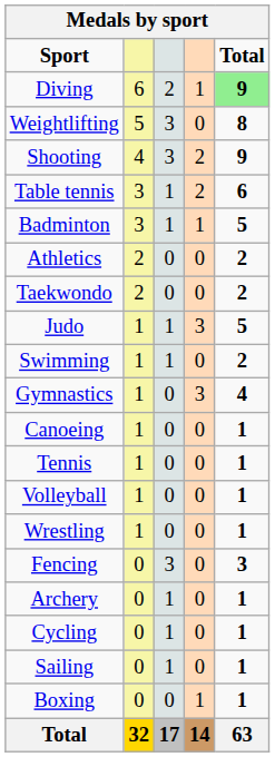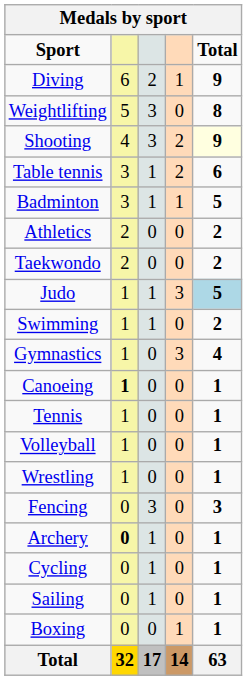 <table class="wikitable" style="font-size:85%; float: right;">
 <tr style="background:#efefef;">
 <th colspan=5>Medals by sport</th>
 </tr>
 <tr align=center>
 <td><strong>Sport</strong></td>
 <td style="background:#f7f6a8;"></td>
 <td style="background:#dce5e5;"></td>
 <td style="background:#ffdab9;"></td>
 <td><strong>Total</strong></td>
 </tr>
 <tr align=center>
 <td><a href='#'>Diving</a></td>
 <td style="background:#F7F6A8;">6</td>
 <td style="background:#DCE5E5;">2</td>
 <td style="background:#FFDAB9;">1</td>
-<td style="background: lightgreen;"><strong>9</strong></td>
+<td><strong>9</strong></td>
 </tr>
 <tr align=center>
 <td><a href='#'>Weightlifting</a></td>
 <td style="background:#F7F6A8;">5</td>
 <td style="background:#DCE5E5;">3</td>
 <td style="background:#FFDAB9;">0</td>
 <td><strong>8</strong></td>
 </tr>
 <tr align=center>
 <td><a href='#'>Shooting</a></td>
 <td style="background:#F7F6A8;">4</td>
 <td style="background:#DCE5E5;">3</td>
 <td style="background:#FFDAB9;">2</td>
-<td><strong>9</strong></td>
+<td style="background: lightyellow;"><strong>9</strong></td>
 </tr>
 <tr align=center>
 <td><a href='#'>Table tennis</a></td>
 <td style="background:#F7F6A8;">3</td>
 <td style="background:#DCE5E5;">1</td>
 <td style="background:#FFDAB9;">2</td>
 <td><strong>6</strong></td>
 </tr>
 <tr align=center>
 <td><a href='#'>Badminton</a></td>
 <td style="background:#F7F6A8;">3</td>
 <td style="background:#DCE5E5;">1</td>
 <td style="background:#FFDAB9;">1</td>
 <td><strong>5</strong></td>
 </tr>
 <tr align=center>
 <td><a href='#'>Athletics</a></td>
 <td style="background:#F7F6A8;">2</td>
 <td style="background:#DCE5E5;">0</td>
 <td style="background:#FFDAB9;">0</td>
 <td><strong>2</strong></td>
 </tr>
 <tr align=center>
 <td><a href='#'>Taekwondo</a></td>
 <td style="background:#F7F6A8;">2</td>
 <td style="background:#DCE5E5;">0</td>
 <td style="background:#FFDAB9;">0</td>
 <td><strong>2</strong></td>
 </tr>
 <tr align=center>
 <td><a href='#'>Judo</a></td>
 <td style="background:#F7F6A8;">1</td>
 <td style="background:#DCE5E5;">1</td>
 <td style="background:#FFDAB9;">3</td>
-<td><strong>5</strong></td>
+<td style="background: lightblue;"><strong>5</strong></td>
 </tr>
 <tr align=center>
 <td><a href='#'>Swimming</a></td>
 <td style="background:#F7F6A8;">1</td>
 <td style="background:#DCE5E5;">1</td>
 <td style="background:#FFDAB9;">0</td>
 <td><strong>2</strong></td>
 </tr>
 <tr align=center>
 <td><a href='#'>Gymnastics</a></td>
 <td style="background:#F7F6A8;">1</td>
 <td style="background:#DCE5E5;">0</td>
 <td style="background:#FFDAB9;">3</td>
 <td><strong>4</strong></td>
 </tr>
 <tr align=center>
 <td><a href='#'>Canoeing</a></td>
-<td style="background:#F7F6A8;">1</td>
+<td style="background:#F7F6A8;"><strong>1</strong></td>
 <td style="background:#DCE5E5;">0</td>
 <td style="background:#FFDAB9;">0</td>
 <td><strong>1</strong></td>
 </tr>
 <tr align=center>
 <td><a href='#'>Tennis</a></td>
 <td style="background:#F7F6A8;">1</td>
 <td style="background:#DCE5E5;">0</td>
 <td style="background:#FFDAB9;">0</td>
 <td><strong>1</strong></td>
 </tr>
 <tr align=center>
 <td><a href='#'>Volleyball</a></td>
 <td style="background:#F7F6A8;">1</td>
 <td style="background:#DCE5E5;">0</td>
 <td style="background:#FFDAB9;">0</td>
 <td><strong>1</strong></td>
 </tr>
 <tr align=center>
 <td><a href='#'>Wrestling</a></td>
 <td style="background:#F7F6A8;">1</td>
 <td style="background:#DCE5E5;">0</td>
 <td style="background:#FFDAB9;">0</td>
 <td><strong>1</strong></td>
 </tr>
 <tr align=center>
 <td><a href='#'>Fencing</a></td>
 <td style="background:#F7F6A8;">0</td>
 <td style="background:#DCE5E5;">3</td>
 <td style="background:#FFDAB9;">0</td>
 <td><strong>3</strong></td>
 </tr>
 <tr align=center>
 <td><a href='#'>Archery</a></td>
-<td style="background:#F7F6A8;">0</td>
+<td style="background:#F7F6A8;"><strong>0</strong></td>
 <td style="background:#DCE5E5;">1</td>
 <td style="background:#FFDAB9;">0</td>
 <td><strong>1</strong></td>
 </tr>
 <tr align=center>
 <td><a href='#'>Cycling</a></td>
 <td style="background:#F7F6A8;">0</td>
 <td style="background:#DCE5E5;">1</td>
 <td style="background:#FFDAB9;">0</td>
 <td><strong>1</strong></td>
 </tr>
 <tr align=center>
 <td><a href='#'>Sailing</a></td>
 <td style="background:#F7F6A8;">0</td>
 <td style="background:#DCE5E5;">1</td>
 <td style="background:#FFDAB9;">0</td>
 <td><strong>1</strong></td>
 </tr>
 <tr align=center>
 <td><a href='#'>Boxing</a></td>
 <td style="background:#F7F6A8;">0</td>
 <td style="background:#DCE5E5;">0</td>
 <td style="background:#FFDAB9;">1</td>
 <td><strong>1</strong></td>
 </tr>
 <tr align=center>
 <th>Total</th>
 <th style="background:gold;">32</th>
 <th style="background:silver;">17</th>
 <th style="background:#c96;">14</th>
 <th>63</th>
 </tr>
 </table>
